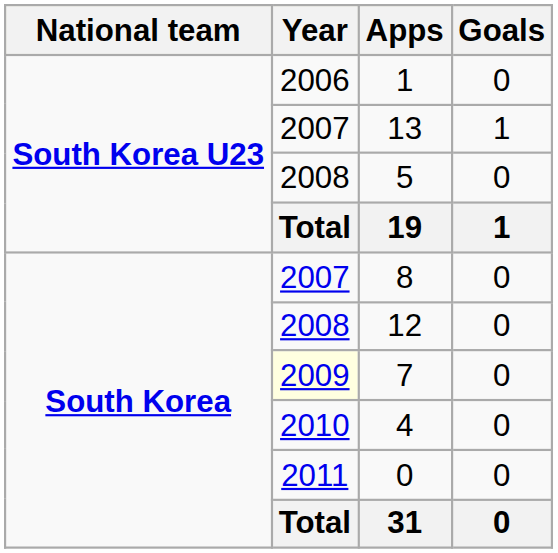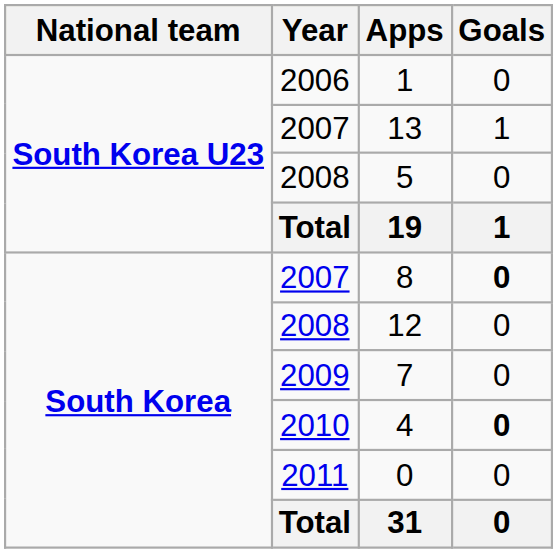 <table class="wikitable" style="font-size:90%; text-align:center">
 <tr style="background:beige">
 <th>National team</th>
 <th>Year</th>
 <th>Apps</th>
 <th>Goals</th>
 </tr>
 <tr>
 <td rowspan="4" align=center valign=center><strong><a href='#'>South Korea U23</a></strong></td>
 <td>2006</td>
 <td>1</td>
 <td>0</td>
 </tr>
 <tr>
 <td>2007</td>
 <td>13</td>
 <td>1</td>
 </tr>
 <tr>
 <td>2008</td>
 <td>5</td>
 <td>0</td>
 </tr>
 <tr>
 <th>Total</th>
 <th>19</th>
 <th>1</th>
 </tr>
 <tr>
 <td rowspan="6" align=center valign=center><strong><a href='#'>South Korea</a></strong></td>
 <td><a href='#'>2007</a></td>
 <td>8</td>
-<td>0</td>
+<td><strong>0</strong></td>
 </tr>
 <tr>
 <td><a href='#'>2008</a></td>
 <td>12</td>
 <td>0</td>
 </tr>
 <tr>
-<td style="background: lightyellow;"><a href='#'>2009</a></td>
+<td><a href='#'>2009</a></td>
 <td>7</td>
 <td>0</td>
 </tr>
 <tr>
 <td><a href='#'>2010</a></td>
 <td>4</td>
-<td>0</td>
+<td><strong>0</strong></td>
 </tr>
 <tr>
 <td><a href='#'>2011</a></td>
 <td>0</td>
 <td>0</td>
 </tr>
 <tr>
 <th>Total</th>
 <th>31</th>
 <th>0</th>
 </tr>
 </table>
